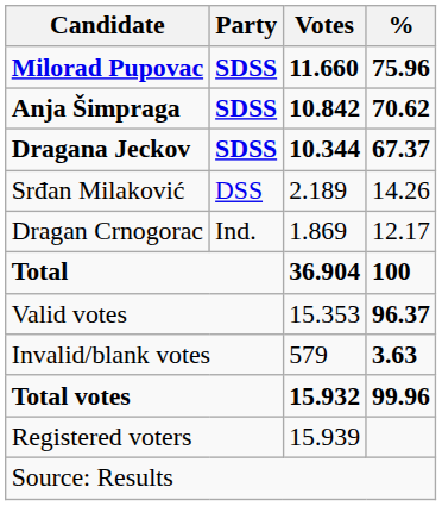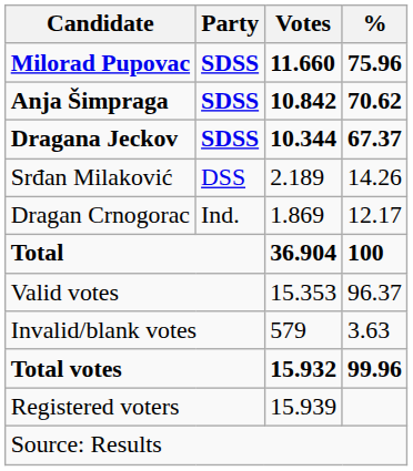 <table class="wikitable" style="text-align: left;">
 <tr>
 <th>Candidate</th>
 <th>Party</th>
 <th>Votes</th>
 <th>%</th>
 </tr>
 <tr>
 <td><strong><a href='#'>Milorad Pupovac</a></strong></td>
 <td><a href='#'><strong>SDSS</strong></a></td>
 <td><strong>11.660</strong></td>
 <td><strong>75.96</strong></td>
 </tr>
 <tr>
 <td><strong>Anja Šimpraga</strong></td>
 <td><a href='#'><strong>SDSS</strong></a></td>
 <td><strong>10.842</strong></td>
 <td><strong>70.62</strong></td>
 </tr>
 <tr>
 <td><strong>Dragana Jeckov</strong></td>
 <td><a href='#'><strong>SDSS</strong></a></td>
 <td><strong>10.344</strong></td>
 <td><strong>67.37</strong></td>
 </tr>
 <tr>
 <td>Srđan Milaković</td>
 <td><a href='#'>DSS</a></td>
 <td>2.189</td>
 <td>14.26</td>
 </tr>
 <tr>
 <td>Dragan Crnogorac</td>
 <td>Ind.</td>
 <td>1.869</td>
 <td>12.17</td>
 </tr>
 <tr>
 <td colspan="2"><strong>Total</strong></td>
 <td><strong>36.904</strong></td>
 <td><strong>100</strong></td>
 </tr>
 <tr>
 <td colspan="2">Valid votes</td>
 <td>15.353</td>
-<td><strong>96.37</strong></td>
+<td>96.37</td>
 </tr>
 <tr>
 <td colspan="2">Invalid/blank votes</td>
 <td>579</td>
-<td><strong>3.63</strong></td>
+<td>3.63</td>
 </tr>
 <tr>
 <td colspan="2"><strong>Total votes</strong></td>
 <td><strong>15.932</strong></td>
 <td><strong>99.96</strong></td>
 </tr>
 <tr>
 <td colspan="2">Registered voters</td>
 <td>15.939</td>
 <td></td>
 </tr>
 <tr>
 <td colspan="4">Source: Results</td>
 </tr>
 </table>
